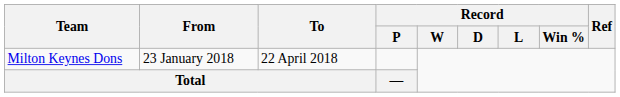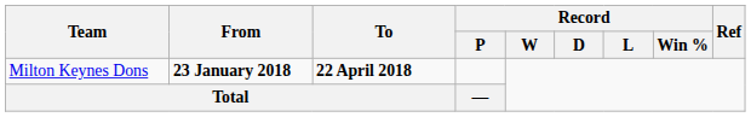 <table class="wikitable" style="text-align: center">
 <tr>
 <th rowspan=2! width=150>Team</th>
 <th rowspan=2! width=130>From</th>
 <th rowspan=2! width=130>To</th>
 <th colspan=5>Record</th>
 <th rowspan=2>Ref</th>
 </tr>
 <tr>
 <th width=40>P</th>
 <th width=40>W</th>
 <th width=40>D</th>
 <th width=40>L</th>
 <th width=50>Win %</th>
 </tr>
 <tr>
 <td align=left><a href='#'>Milton Keynes Dons</a></td>
-<td align=left>23 January 2018</td>
-<td align=left>22 April 2018<br></td>
+<td align=left><strong>23 January 2018</strong></td>
+<td align=left><strong>22 April 2018<br></strong></td>
 <td></td>
 </tr>
 <tr>
 <th colspan="3">Total<br></th>
 <th>—</th>
 </tr>
 </table>
